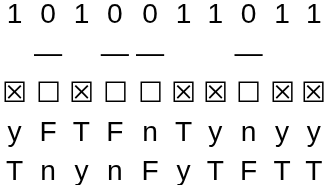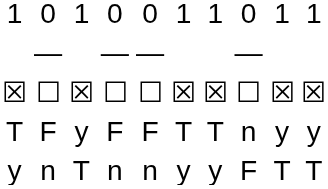 <table style="text-align:center;">
 <tr>
 <td>1</td>
 <td>0</td>
 <td>1</td>
 <td>0</td>
 <td>0</td>
 <td>1</td>
 <td>1</td>
 <td>0</td>
 <td>1</td>
 <td>1</td>
 </tr>
 <tr>
 <td></td>
 <td>―</td>
 <td></td>
 <td>―</td>
 <td>―</td>
 <td></td>
 <td></td>
 <td>―</td>
 <td></td>
 <td></td>
 </tr>
 <tr>
 <td>☒</td>
 <td>☐</td>
 <td>☒</td>
 <td>☐</td>
 <td>☐</td>
 <td>☒</td>
 <td>☒</td>
 <td>☐</td>
 <td>☒</td>
 <td>☒</td>
 </tr>
 <tr>
+<td>T</td>
+<td>F</td>
 <td>y</td>
 <td>F</td>
+<td>F</td>
 <td>T</td>
-<td>F</td>
-<td>n</td>
 <td>T</td>
-<td>y</td>
 <td>n</td>
 <td>y</td>
 <td>y</td>
 </tr>
 <tr>
+<td>y</td>
+<td>n</td>
 <td>T</td>
 <td>n</td>
+<td>n</td>
 <td>y</td>
-<td>n</td>
-<td>F</td>
 <td>y</td>
-<td>T</td>
 <td>F</td>
 <td>T</td>
 <td>T</td>
 </tr>
 </table>
